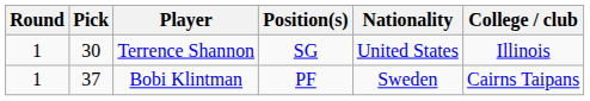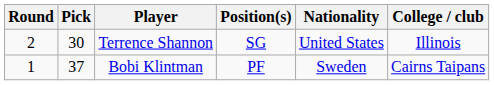 <table class="wikitable sortable sortable">
 <tr>
 <th>Round</th>
 <th>Pick</th>
 <th>Player</th>
 <th>Position(s)</th>
 <th>Nationality</th>
 <th>College / club</th>
 </tr>
 <tr style="text-align: center">
-<td>1</td>
+<td>2</td>
 <td>30</td>
 <td><a href='#'>Terrence Shannon</a></td>
 <td><a href='#'>SG</a></td>
 <td> <a href='#'>United States</a></td>
 <td><a href='#'>Illinois</a></td>
 </tr>
 <tr style="text-align: center">
 <td>1</td>
 <td>37</td>
 <td><a href='#'>Bobi Klintman</a></td>
 <td><a href='#'>PF</a></td>
 <td> <a href='#'>Sweden</a></td>
 <td><a href='#'>Cairns Taipans</a> </td>
 </tr>
 </table>
